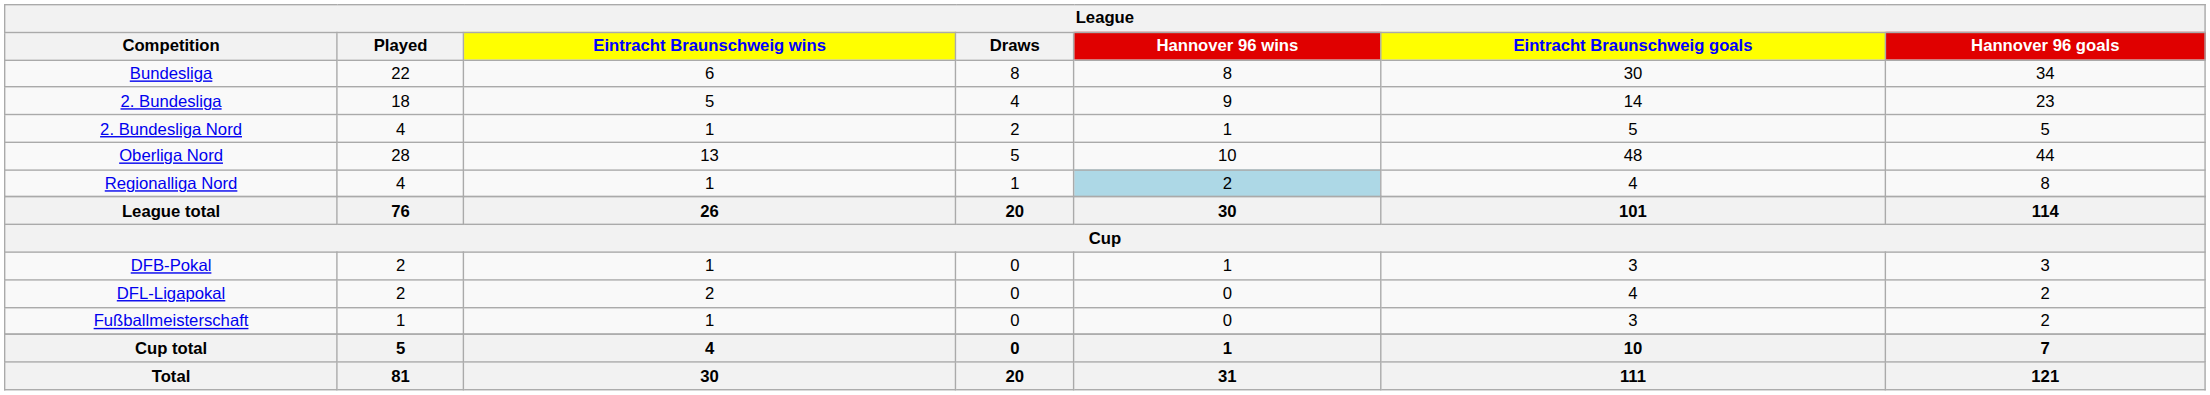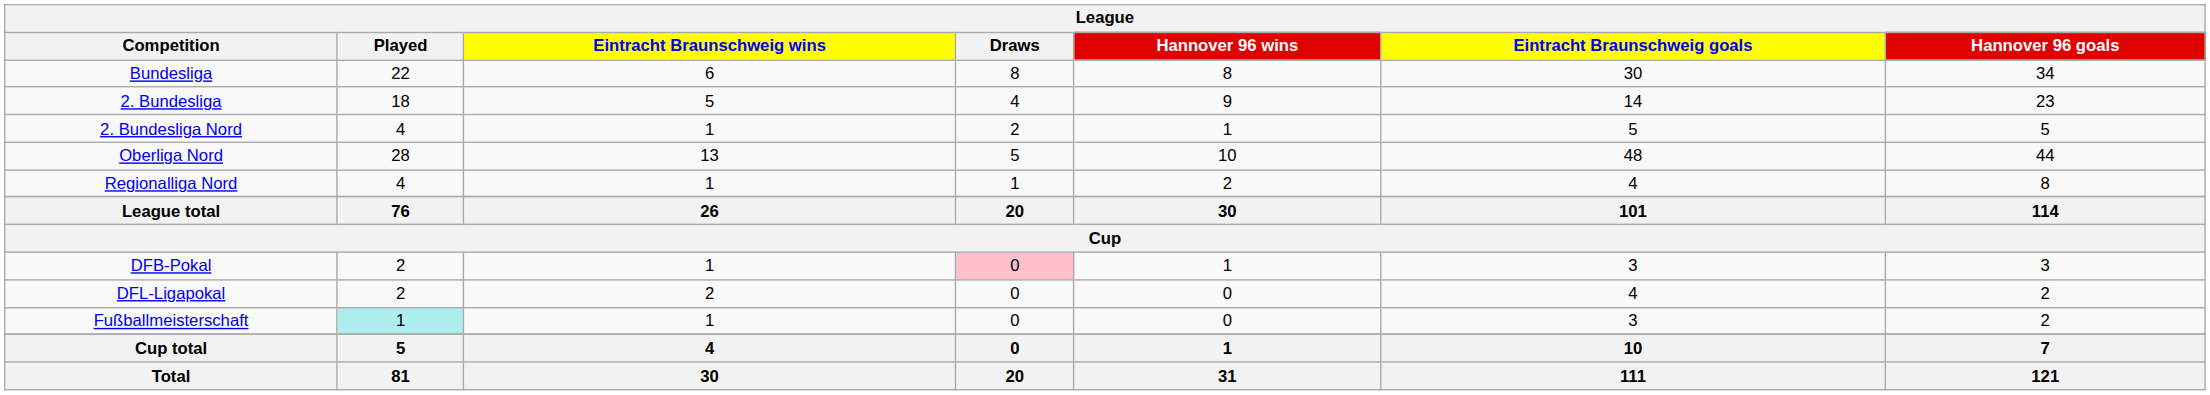 <table class="wikitable" style="text-align: center; width: 100%; font-size: 12px">
 <tr>
 <th colspan=7>League</th>
 </tr>
 <tr>
 <th>Competition</th>
 <th>Played</th>
 <th style="background:yellow; color:blue">Eintracht Braunschweig wins</th>
 <th>Draws</th>
 <th style="background:#E00000; color:white">Hannover 96 wins</th>
 <th style="background:yellow; color:blue">Eintracht Braunschweig goals</th>
 <th style="background:#E00000; color:white">Hannover 96 goals</th>
 </tr>
 <tr>
 <td><a href='#'>Bundesliga</a></td>
 <td>22</td>
 <td>6</td>
 <td>8</td>
 <td>8</td>
 <td>30</td>
 <td>34</td>
 </tr>
 <tr>
 <td><a href='#'>2. Bundesliga</a></td>
 <td>18</td>
 <td>5</td>
 <td>4</td>
 <td>9</td>
 <td>14</td>
 <td>23</td>
 </tr>
 <tr>
 <td><a href='#'>2. Bundesliga Nord</a></td>
 <td>4</td>
 <td>1</td>
 <td>2</td>
 <td>1</td>
 <td>5</td>
 <td>5</td>
 </tr>
 <tr>
 <td><a href='#'>Oberliga Nord</a></td>
 <td>28</td>
 <td>13</td>
 <td>5</td>
 <td>10</td>
 <td>48</td>
 <td>44</td>
 </tr>
 <tr>
 <td><a href='#'>Regionalliga Nord</a></td>
 <td>4</td>
 <td>1</td>
 <td>1</td>
-<td style="background: lightblue;">2</td>
+<td>2</td>
 <td>4</td>
 <td>8</td>
 </tr>
 <tr>
 </tr>
 <tr class="sortbottom">
 <th>League total</th>
 <th>76</th>
 <th>26</th>
 <th>20</th>
 <th>30</th>
 <th>101</th>
 <th>114</th>
 </tr>
 <tr>
 <th colspan=7>Cup</th>
 </tr>
 <tr>
 <td><a href='#'>DFB-Pokal</a></td>
 <td>2</td>
 <td>1</td>
-<td>0</td>
+<td style="background: pink;">0</td>
 <td>1</td>
 <td>3</td>
 <td>3</td>
 </tr>
 <tr>
 <td><a href='#'>DFL-Ligapokal</a></td>
 <td>2</td>
 <td>2</td>
 <td>0</td>
 <td>0</td>
 <td>4</td>
 <td>2</td>
 </tr>
 <tr>
 <td><a href='#'>Fußballmeisterschaft</a></td>
-<td>1</td>
+<td style="background: paleturquoise;">1</td>
 <td>1</td>
 <td>0</td>
 <td>0</td>
 <td>3</td>
 <td>2</td>
 </tr>
 <tr>
 </tr>
 <tr class="sortbottom">
 <th>Cup total</th>
 <th>5</th>
 <th>4</th>
 <th>0</th>
 <th>1</th>
 <th>10</th>
 <th>7</th>
 </tr>
 <tr class="sortbottom">
 <th>Total</th>
 <th>81</th>
 <th>30</th>
 <th>20</th>
 <th>31</th>
 <th>111</th>
 <th>121</th>
 </tr>
 </table>
